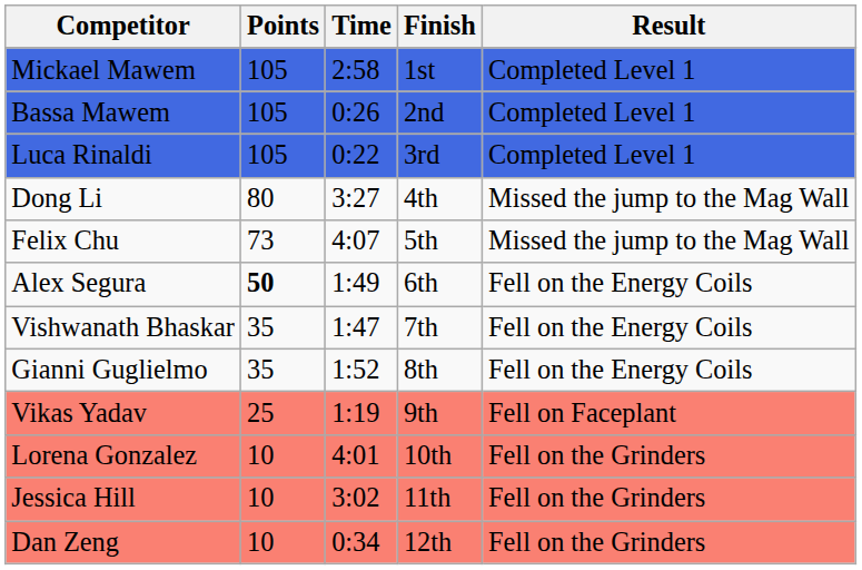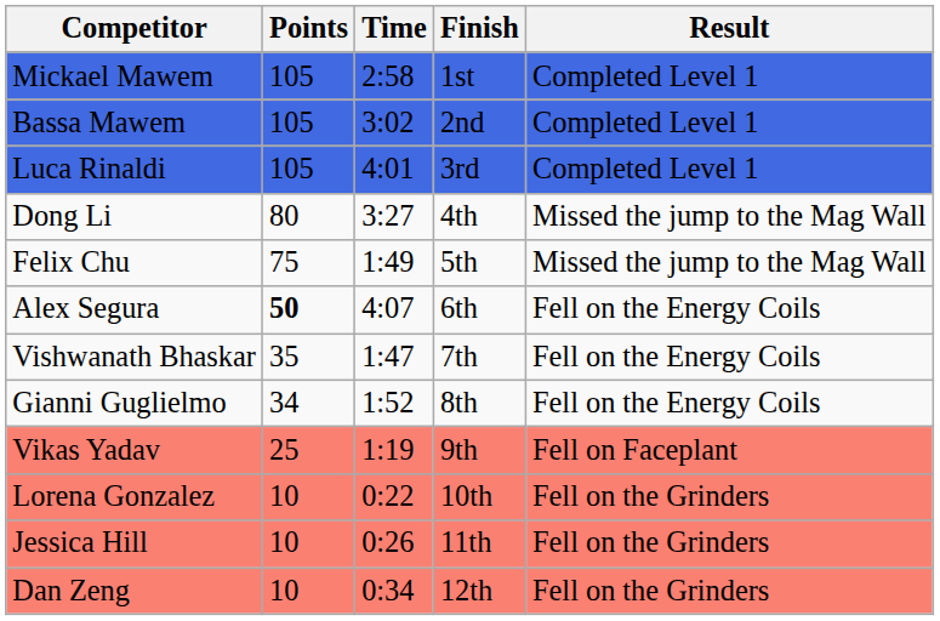 <table class="wikitable sortable">
 <tr>
 <th nowrap="nowrap">Competitor</th>
 <th>Points</th>
 <th>Time</th>
 <th>Finish</th>
 <th>Result</th>
 </tr>
 <tr>
 </tr>
 <tr style="background:royalblue;">
 <td> Mickael Mawem</td>
 <td>105</td>
 <td>2:58</td>
 <td>1st</td>
 <td>Completed Level 1</td>
 </tr>
 <tr>
 </tr>
 <tr style="background:royalblue;">
 <td> Bassa Mawem</td>
 <td>105</td>
-<td>0:26</td>
+<td>3:02</td>
 <td>2nd</td>
 <td>Completed Level 1</td>
 </tr>
 <tr>
 </tr>
 <tr style="background:royalblue;">
 <td> Luca Rinaldi</td>
 <td>105</td>
-<td>0:22</td>
+<td>4:01</td>
 <td>3rd</td>
 <td>Completed Level 1</td>
 </tr>
 <tr>
 <td> Dong Li</td>
 <td>80</td>
 <td>3:27</td>
 <td>4th</td>
 <td>Missed the jump to the Mag Wall</td>
 </tr>
 <tr>
 <td> Felix Chu</td>
-<td>73</td>
-<td>4:07</td>
+<td>75</td>
+<td>1:49</td>
 <td>5th</td>
 <td>Missed the jump to the Mag Wall</td>
 </tr>
 <tr>
 <td> Alex Segura</td>
 <td><strong>50</strong></td>
-<td>1:49</td>
+<td>4:07</td>
 <td>6th</td>
 <td>Fell on the Energy Coils</td>
 </tr>
 <tr>
 <td> Vishwanath Bhaskar</td>
 <td>35</td>
 <td>1:47</td>
 <td>7th</td>
 <td>Fell on the Energy Coils</td>
 </tr>
 <tr>
 <td> Gianni Guglielmo</td>
-<td>35</td>
+<td>34</td>
 <td>1:52</td>
 <td>8th</td>
 <td>Fell on the Energy Coils</td>
 </tr>
 <tr style="background-color:#fa8072">
 <td> Vikas Yadav</td>
 <td>25</td>
 <td>1:19</td>
 <td>9th</td>
 <td>Fell on Faceplant</td>
 </tr>
 <tr style="background-color:#fa8072">
 <td> Lorena Gonzalez</td>
 <td>10</td>
-<td>4:01</td>
+<td>0:22</td>
 <td>10th</td>
 <td>Fell on the Grinders</td>
 </tr>
 <tr style="background-color:#fa8072">
 <td> Jessica Hill</td>
 <td>10</td>
-<td>3:02</td>
+<td>0:26</td>
 <td>11th</td>
 <td>Fell on the Grinders</td>
 </tr>
 <tr style="background-color:#fa8072">
 <td> Dan Zeng</td>
 <td>10</td>
 <td>0:34</td>
 <td>12th</td>
 <td>Fell on the Grinders</td>
 </tr>
 </table>
